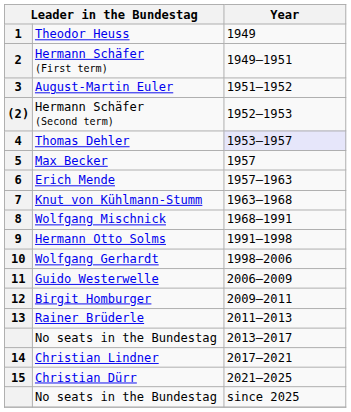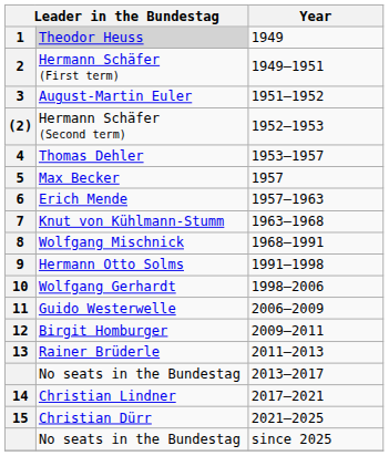 <table class="wikitable">
 <tr>
 <th colspan=2>Leader in the Bundestag</th>
 <th>Year</th>
 </tr>
 <tr>
 <th style="background:">1</th>
-<td style="width:200px;"><a href='#'>Theodor Heuss</a></td>
+<td style="background: lightgrey; width:200px;"><a href='#'>Theodor Heuss</a></td>
 <td style="width:125px;">1949</td>
 </tr>
 <tr>
 <th style="background:">2</th>
 <td style="width:200px;"><a href='#'>Hermann Schäfer</a><br><small>(First term)</small></td>
 <td style="width:125px;">1949–1951</td>
 </tr>
 <tr>
 <th style="background:">3</th>
 <td style="width:200px;"><a href='#'>August-Martin Euler</a></td>
 <td style="width:125px;">1951–1952</td>
 </tr>
 <tr>
 <th style="background:">(2)</th>
 <td style="width:200px;">Hermann Schäfer<br><small>(Second term)</small></td>
 <td style="width:125px;">1952–1953</td>
 </tr>
 <tr>
 <th style="background:">4</th>
 <td style="width:200px;"><a href='#'>Thomas Dehler</a></td>
-<td style="background: lavender; width:125px;">1953–1957</td>
+<td style="width:125px;">1953–1957</td>
 </tr>
 <tr>
 <th style="background:">5</th>
 <td style="width:200px;"><a href='#'>Max Becker</a></td>
 <td style="width:125px;">1957</td>
 </tr>
 <tr>
 <th style="background:">6</th>
 <td style="width:200px;"><a href='#'>Erich Mende</a></td>
 <td style="width:125px;">1957–1963</td>
 </tr>
 <tr>
 <th style="background:">7</th>
 <td style="width:200px;"><a href='#'>Knut von Kühlmann-Stumm</a></td>
 <td style="width:125px;">1963–1968</td>
 </tr>
 <tr>
 <th style="background:">8</th>
 <td style="width:200px;"><a href='#'>Wolfgang Mischnick</a></td>
 <td style="width:125px;">1968–1991</td>
 </tr>
 <tr>
 <th style="background:">9</th>
 <td style="width:200px;"><a href='#'>Hermann Otto Solms</a></td>
 <td style="width:125px;">1991–1998</td>
 </tr>
 <tr>
 <th style="background:">10</th>
 <td style="width:200px;"><a href='#'>Wolfgang Gerhardt</a></td>
 <td style="width:125px;">1998–2006</td>
 </tr>
 <tr>
 <th style="background:">11</th>
 <td style="width:200px;"><a href='#'>Guido Westerwelle</a></td>
 <td style="width:125px;">2006–2009</td>
 </tr>
 <tr>
 <th style="background:">12</th>
 <td style="width:200px;"><a href='#'>Birgit Homburger</a></td>
 <td style="width:125px;">2009–2011</td>
 </tr>
 <tr>
 <th style="background:">13</th>
 <td style="width:200px;"><a href='#'>Rainer Brüderle</a></td>
 <td style="width:125px;">2011–2013</td>
 </tr>
 <tr>
 <th></th>
 <td>No seats in the Bundestag</td>
 <td style="width:125px;">2013–2017</td>
 </tr>
 <tr>
 <th style="background:">14</th>
 <td style="width:200px;"><a href='#'>Christian Lindner</a></td>
 <td style="width:125px;">2017–2021</td>
 </tr>
 <tr>
 <th style="background:">15</th>
 <td style="width:200px;"><a href='#'>Christian Dürr</a></td>
 <td style="width:125px;">2021–2025</td>
 </tr>
 <tr>
 <th></th>
 <td>No seats in the Bundestag</td>
 <td style="width:125px;">since 2025</td>
 </tr>
 <tr>
 </tr>
 </table>
